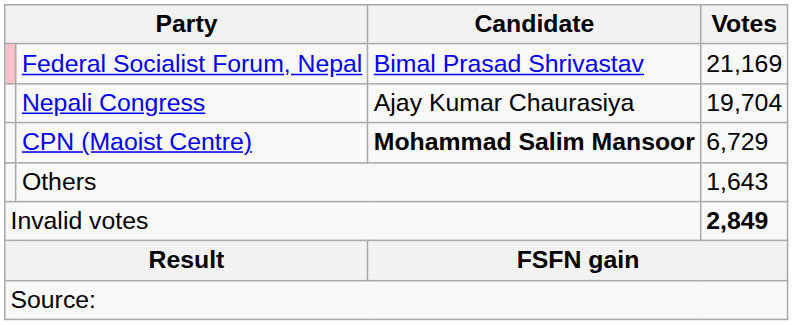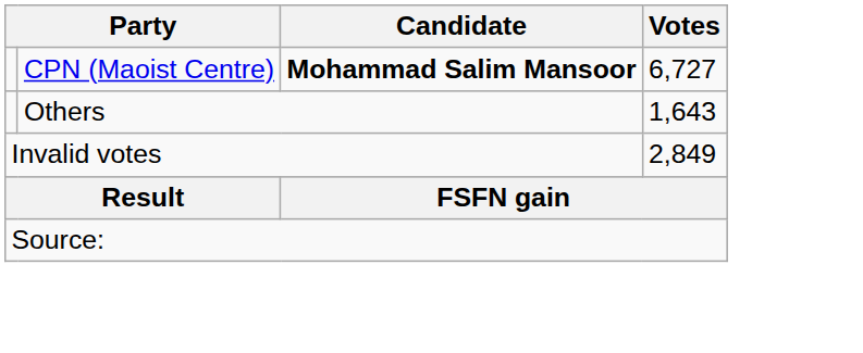 <table class="wikitable">
 <tr>
 <th colspan="2">Party</th>
 <th>Candidate</th>
 <th>Votes</th>
 </tr>
 <tr>
-<td style="background-color:pink"></td>
-<td><a href='#'>Federal Socialist Forum, Nepal</a></td>
-<td><a href='#'>Bimal Prasad Shrivastav</a></td>
-<td>21,169</td>
-</tr>
-<tr>
-<td style="background-color:"></td>
-<td><a href='#'>Nepali Congress</a></td>
-<td>Ajay Kumar Chaurasiya</td>
-<td>19,704</td>
-</tr>
-<tr>
 <td style="background-color:"></td>
 <td><a href='#'>CPN (Maoist Centre)</a></td>
 <td><strong>Mohammad Salim Mansoor</strong></td>
-<td>6,729</td>
+<td>6,727</td>
 </tr>
 <tr>
 <td></td>
 <td colspan="2">Others</td>
 <td>1,643</td>
 </tr>
 <tr>
 <td colspan="3">Invalid votes</td>
-<td><strong>2,849</strong></td>
+<td>2,849</td>
 </tr>
 <tr>
 <th colspan="2">Result</th>
 <th colspan="2">FSFN gain</th>
 </tr>
 <tr>
 <td colspan="4">Source: </td>
 </tr>
 </table>
